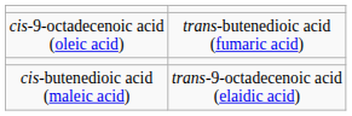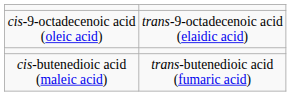 <table class="wikitable"  style="text-align:center; margin: 1em auto 1em auto">
 <tr>
 <td></td>
 <td></td>
 </tr>
 <tr>
 <td><em>cis</em>-9-octadecenoic acid <br> (<a href='#'>oleic acid</a>)</td>
-<td><em>trans</em>-butenedioic acid <br> (<a href='#'>fumaric acid</a>)</td>
+<td><em>trans</em>-9-octadecenoic acid <br> (<a href='#'>elaidic acid</a>)</td>
 </tr>
 <tr>
 <td></td>
 <td></td>
 </tr>
 <tr style="text-align:center;">
 <td><em>cis</em>-butenedioic acid <br> (<a href='#'>maleic acid</a>)</td>
-<td><em>trans</em>-9-octadecenoic acid <br> (<a href='#'>elaidic acid</a>)</td>
+<td><em>trans</em>-butenedioic acid <br> (<a href='#'>fumaric acid</a>)</td>
 </tr>
 </table>
